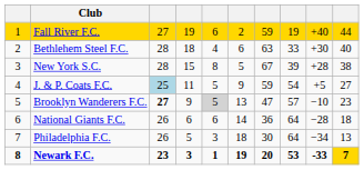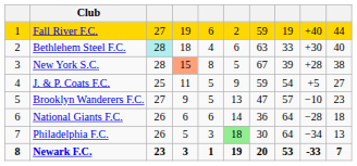 <table class="wikitable" style="text-align:center">
 <tr>
 <th width=30></th>
 <th>Club</th>
 <th width=30></th>
 <th width=30></th>
 <th width=30></th>
 <th width=30></th>
 <th width=30></th>
 <th width=30></th>
 <th width=30></th>
 <th width=30></th>
 </tr>
 <tr bgcolor="gold">
 <td>1</td>
 <td align=left><a href='#'>Fall River F.C.</a></td>
 <td>27</td>
 <td>19</td>
 <td>6</td>
 <td>2</td>
 <td>59</td>
 <td>19</td>
 <td>+40</td>
 <td>44</td>
 </tr>
 <tr>
 <td>2</td>
 <td align=left><a href='#'>Bethlehem Steel F.C.</a></td>
-<td>28</td>
+<td style="background: paleturquoise;">28</td>
 <td>18</td>
 <td>4</td>
 <td>6</td>
 <td>63</td>
 <td>33</td>
 <td>+30</td>
 <td>40</td>
 </tr>
 <tr>
 <td>3</td>
 <td align=left><a href='#'>New York S.C.</a></td>
 <td>28</td>
-<td>15</td>
+<td style="background: lightsalmon;">15</td>
 <td>8</td>
 <td>5</td>
 <td>67</td>
 <td>39</td>
 <td>+28</td>
 <td>38</td>
 </tr>
 <tr>
 <td>4</td>
 <td align=left><a href='#'>J. & P. Coats F.C.</a></td>
-<td style="background: lightblue;">25</td>
+<td>25</td>
 <td>11</td>
 <td>5</td>
 <td>9</td>
 <td>59</td>
 <td>54</td>
 <td>+5</td>
 <td>27</td>
 </tr>
 <tr>
 <td>5</td>
 <td align=left><a href='#'>Brooklyn Wanderers F.C.</a></td>
-<td><strong>27</strong></td>
+<td>27</td>
 <td>9</td>
-<td style="background: lightgrey;">5</td>
+<td>5</td>
 <td>13</td>
 <td>47</td>
 <td>57</td>
 <td>−10</td>
 <td>23</td>
 </tr>
 <tr>
 <td>6</td>
 <td align=left><a href='#'>National Giants F.C.</a></td>
 <td>26</td>
 <td>6</td>
 <td>6</td>
 <td>14</td>
 <td>36</td>
 <td>64</td>
 <td>−28</td>
 <td>18</td>
 </tr>
 <tr>
 <td>7</td>
 <td align=left><a href='#'>Philadelphia F.C.</a></td>
 <td>26</td>
 <td>5</td>
 <td>3</td>
-<td>18</td>
+<td style="background: lightgreen;">18</td>
 <td>30</td>
 <td>64</td>
 <td>−34</td>
 <td>13</td>
 </tr>
 <tr>
 <td><strong>8</strong></td>
 <td align=left><strong><a href='#'>Newark F.C.</a></strong></td>
 <td><strong>23</strong></td>
 <td><strong>3</strong></td>
 <td><strong>1</strong></td>
 <td><strong>19</strong></td>
 <td><strong>20</strong></td>
 <td><strong>53</strong></td>
 <td><strong>-33</strong></td>
-<td style="background: gold;"><strong>7</strong></td>
+<td><strong>7</strong></td>
 </tr>
 </table>
